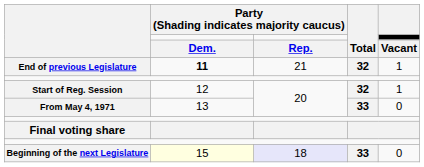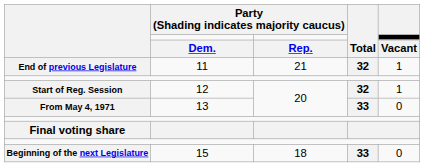 <table class=wikitable style="text-align:center">
 <tr style="vertical-align:bottom;">
 <th rowspan=3></th>
 <th colspan=2>Party <div>(Shading indicates majority caucus)</div></th>
 <th rowspan=3>Total</th>
 <th></th>
 </tr>
 <tr style="height:5px">
 <td style="background-color:"></td>
 <td style="background-color:"></td>
 <td style="background:black;"></td>
 </tr>
 <tr>
 <th><a href='#'>Dem.</a></th>
 <th><a href='#'>Rep.</a></th>
 <th>Vacant</th>
 </tr>
 <tr>
 <th style="font-size:80%;">End of <a href='#'>previous Legislature</a></th>
-<td><strong>11</strong></td>
+<td>11</td>
 <td>21</td>
 <th>32</th>
 <td>1</td>
 </tr>
 <tr>
 <td colspan=5></td>
 </tr>
 <tr>
 <th style="font-size:80%;">Start of Reg. Session</th>
 <td>12</td>
 <td rowspan="2" >20</td>
 <th>32</th>
 <td>1</td>
 </tr>
 <tr>
 <th style="font-size:80%;">From May 4, 1971</th>
 <td>13</td>
 <th>33</th>
 <td>0</td>
 </tr>
 <tr>
 <td colspan=5></td>
 </tr>
 <tr>
 <th>Final voting share</th>
 <th></th>
 <th></th>
 <th colspan=2></th>
 </tr>
 <tr>
 <td colspan=5></td>
 </tr>
 <tr>
 <th style="font-size:80%;">Beginning of the <a href='#'>next Legislature</a></th>
-<td style="background: lightyellow;">15</td>
-<td style="background: lavender;">18</td>
+<td>15</td>
+<td>18</td>
 <th>33</th>
 <td>0</td>
 </tr>
 </table>
